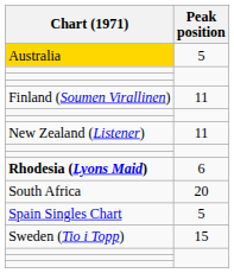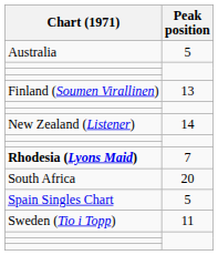 <table class="wikitable sortable">
 <tr>
 <th>Chart (1971)</th>
 <th>Peak<br>position</th>
 </tr>
 <tr>
-<td style="background: gold;">Australia</td>
+<td>Australia</td>
 <td style="text-align:center;">5</td>
 </tr>
 <tr>
 <td></td>
 </tr>
 <tr>
 <td></td>
 </tr>
 <tr>
 <td></td>
 </tr>
 <tr>
 <td align="left">Finland (<a href='#'><em>Soumen Virallinen</em></a>)</td>
-<td style="text-align:center;">11</td>
+<td style="text-align:center;">13</td>
 </tr>
 <tr>
 <td></td>
 </tr>
 <tr>
 <td></td>
 </tr>
 <tr>
 <td align="left">New Zealand (<em><a href='#'>Listener</a></em>)</td>
-<td style="text-align:center;">11</td>
+<td style="text-align:center;">14</td>
 </tr>
 <tr>
 <td></td>
 </tr>
 <tr>
 <td></td>
 </tr>
 <tr>
 <td><strong>Rhodesia (<em><a href='#'>Lyons Maid</a></em>)</strong></td>
-<td style="text-align:center;">6</td>
+<td style="text-align:center;">7</td>
 </tr>
 <tr>
 <td>South Africa</td>
 <td style="text-align:center;">20</td>
 </tr>
 <tr>
 <td align="left"><a href='#'>Spain Singles Chart</a></td>
 <td style="text-align:center;">5</td>
 </tr>
 <tr>
 <td>Sweden (<em><a href='#'>Tio i Topp</a></em>)</td>
-<td style="text-align:center;">15</td>
+<td style="text-align:center;">11</td>
 </tr>
 <tr>
 <td></td>
 </tr>
 <tr>
 <td></td>
 </tr>
 <tr>
 <td></td>
 </tr>
 </table>
